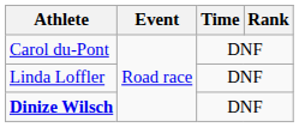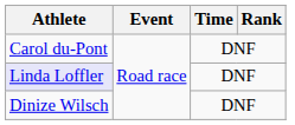 <table class=wikitable style="font-size:90%">
 <tr>
 <th>Athlete</th>
 <th>Event</th>
 <th>Time</th>
 <th>Rank</th>
 </tr>
 <tr align=center>
 <td align=left><a href='#'>Carol du-Pont</a></td>
 <td align=left rowspan=3><a href='#'>Road race</a></td>
 <td colspan=2>DNF</td>
 </tr>
 <tr align=center>
-<td align=left><a href='#'>Linda Loffler</a></td>
+<td align=left style="background: lavender;"><a href='#'>Linda Loffler</a></td>
 <td colspan=2>DNF</td>
 </tr>
 <tr align=center>
-<td align=left><strong><a href='#'>Dinize Wilsch</a></strong></td>
+<td align=left><a href='#'>Dinize Wilsch</a></td>
 <td colspan=2>DNF</td>
 </tr>
 </table>
